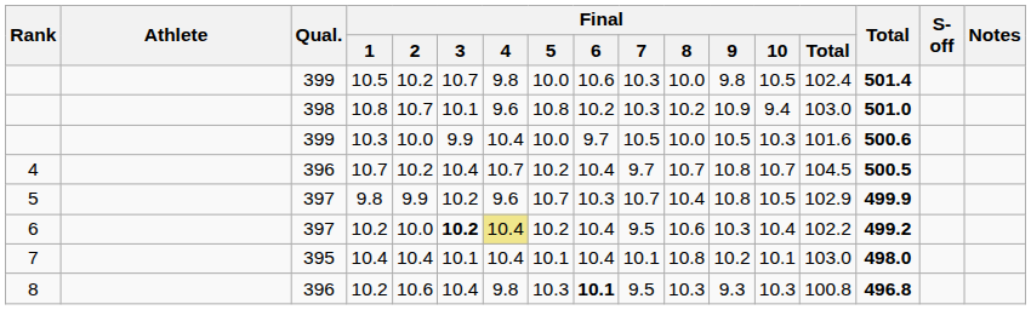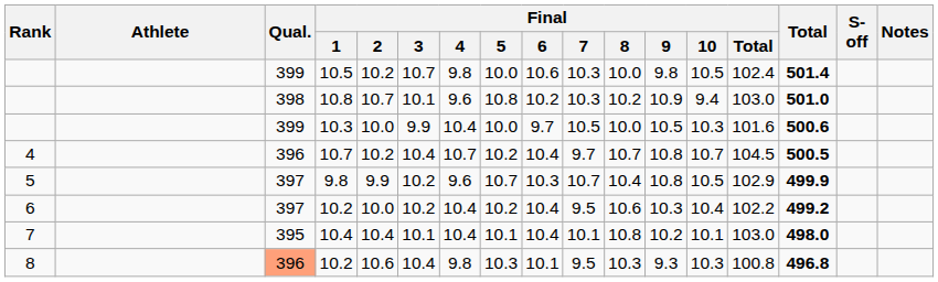 <table class="wikitable" style="text-align:center">
 <tr>
 <th rowspan=2 width=40>Rank</th>
 <th rowspan=2 width=250>Athlete</th>
 <th rowspan=2 width=40>Qual.</th>
 <th colspan=11>Final</th>
 <th rowspan=2 width=50>Total</th>
 <th rowspan=2 width=35>S-off</th>
 <th rowspan=2 width=45>Notes</th>
 </tr>
 <tr>
 <th width=30>1</th>
 <th width=30>2</th>
 <th width=30>3</th>
 <th width=30>4</th>
 <th width=30>5</th>
 <th width=30>6</th>
 <th width=30>7</th>
 <th width=30>8</th>
 <th width=30>9</th>
 <th width=30>10</th>
 <th width=40>Total</th>
 </tr>
 <tr>
 <td></td>
 <td align=left></td>
 <td>399</td>
 <td>10.5</td>
 <td>10.2</td>
 <td>10.7</td>
 <td>9.8</td>
 <td>10.0</td>
 <td>10.6</td>
 <td>10.3</td>
 <td>10.0</td>
 <td>9.8</td>
 <td>10.5</td>
 <td>102.4</td>
 <td><strong>501.4</strong></td>
 <td></td>
 <td></td>
 </tr>
 <tr>
 <td></td>
 <td align=left></td>
 <td>398</td>
 <td>10.8</td>
 <td>10.7</td>
 <td>10.1</td>
 <td>9.6</td>
 <td>10.8</td>
 <td>10.2</td>
 <td>10.3</td>
 <td>10.2</td>
 <td>10.9</td>
 <td>9.4</td>
 <td>103.0</td>
 <td><strong>501.0</strong></td>
 <td></td>
 <td></td>
 </tr>
 <tr>
 <td></td>
 <td align=left></td>
 <td>399</td>
 <td>10.3</td>
 <td>10.0</td>
 <td>9.9</td>
 <td>10.4</td>
 <td>10.0</td>
 <td>9.7</td>
 <td>10.5</td>
 <td>10.0</td>
 <td>10.5</td>
 <td>10.3</td>
 <td>101.6</td>
 <td><strong>500.6</strong></td>
 <td></td>
 <td></td>
 </tr>
 <tr>
 <td>4</td>
 <td align=left></td>
 <td>396</td>
 <td>10.7</td>
 <td>10.2</td>
 <td>10.4</td>
 <td>10.7</td>
 <td>10.2</td>
 <td>10.4</td>
 <td>9.7</td>
 <td>10.7</td>
 <td>10.8</td>
 <td>10.7</td>
 <td>104.5</td>
 <td><strong>500.5</strong></td>
 <td></td>
 <td></td>
 </tr>
 <tr>
 <td>5</td>
 <td align=left></td>
 <td>397</td>
 <td>9.8</td>
 <td>9.9</td>
 <td>10.2</td>
 <td>9.6</td>
 <td>10.7</td>
 <td>10.3</td>
 <td>10.7</td>
 <td>10.4</td>
 <td>10.8</td>
 <td>10.5</td>
 <td>102.9</td>
 <td><strong>499.9</strong></td>
 <td></td>
 <td></td>
 </tr>
 <tr>
 <td>6</td>
 <td align=left></td>
 <td>397</td>
 <td>10.2</td>
 <td>10.0</td>
-<td><strong>10.2</strong></td>
-<td style="background: khaki;">10.4</td>
+<td>10.2</td>
+<td>10.4</td>
 <td>10.2</td>
 <td>10.4</td>
 <td>9.5</td>
 <td>10.6</td>
 <td>10.3</td>
 <td>10.4</td>
 <td>102.2</td>
 <td><strong>499.2</strong></td>
 <td></td>
 <td></td>
 </tr>
 <tr>
 <td>7</td>
 <td align=left></td>
 <td>395</td>
 <td>10.4</td>
 <td>10.4</td>
 <td>10.1</td>
 <td>10.4</td>
 <td>10.1</td>
 <td>10.4</td>
 <td>10.1</td>
 <td>10.8</td>
 <td>10.2</td>
 <td>10.1</td>
 <td>103.0</td>
 <td><strong>498.0</strong></td>
 <td></td>
 <td></td>
 </tr>
 <tr>
 <td>8</td>
 <td align=left></td>
-<td>396</td>
+<td style="background: lightsalmon;">396</td>
 <td>10.2</td>
 <td>10.6</td>
 <td>10.4</td>
 <td>9.8</td>
 <td>10.3</td>
-<td><strong>10.1</strong></td>
+<td>10.1</td>
 <td>9.5</td>
 <td>10.3</td>
 <td>9.3</td>
 <td>10.3</td>
 <td>100.8</td>
 <td><strong>496.8</strong></td>
 <td></td>
 <td></td>
 </tr>
 </table>
